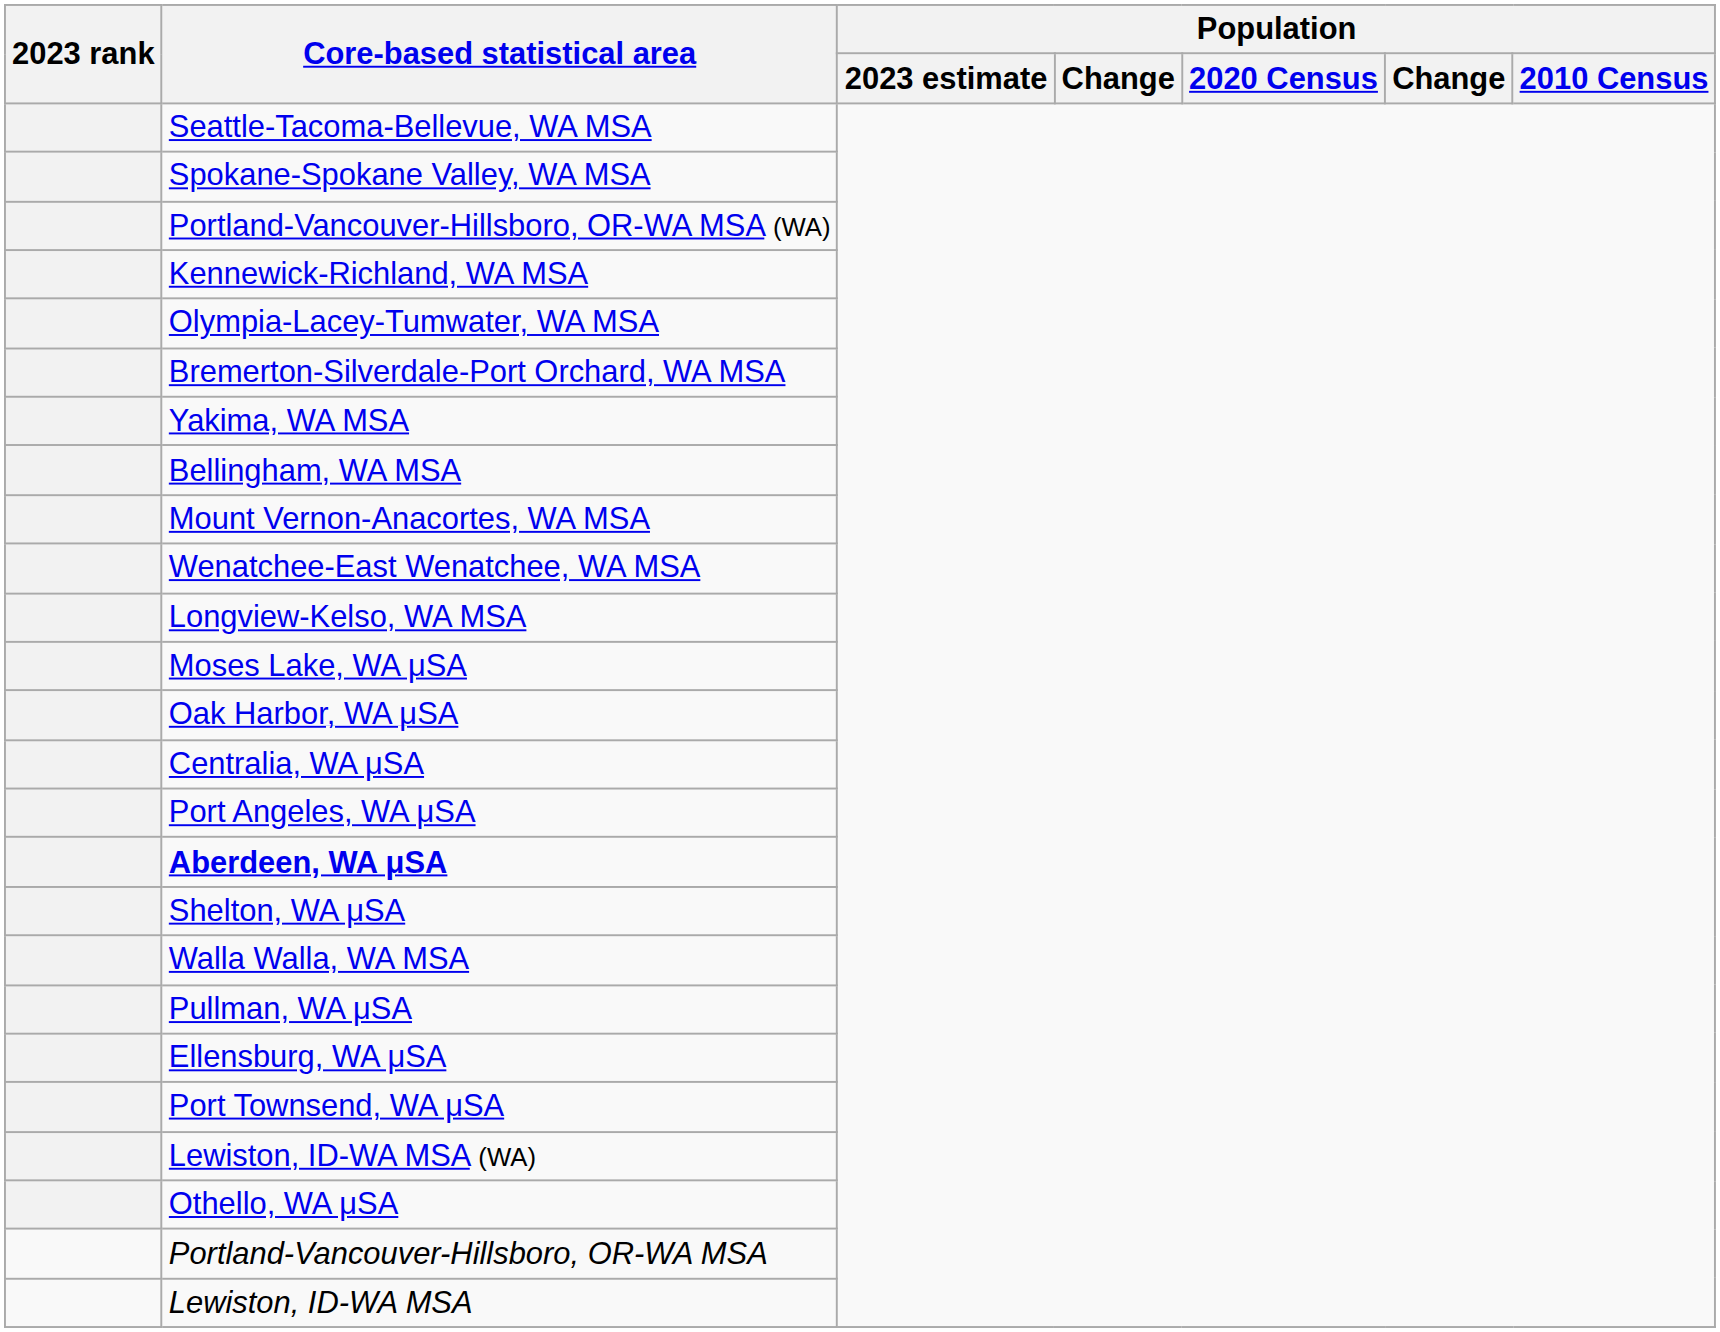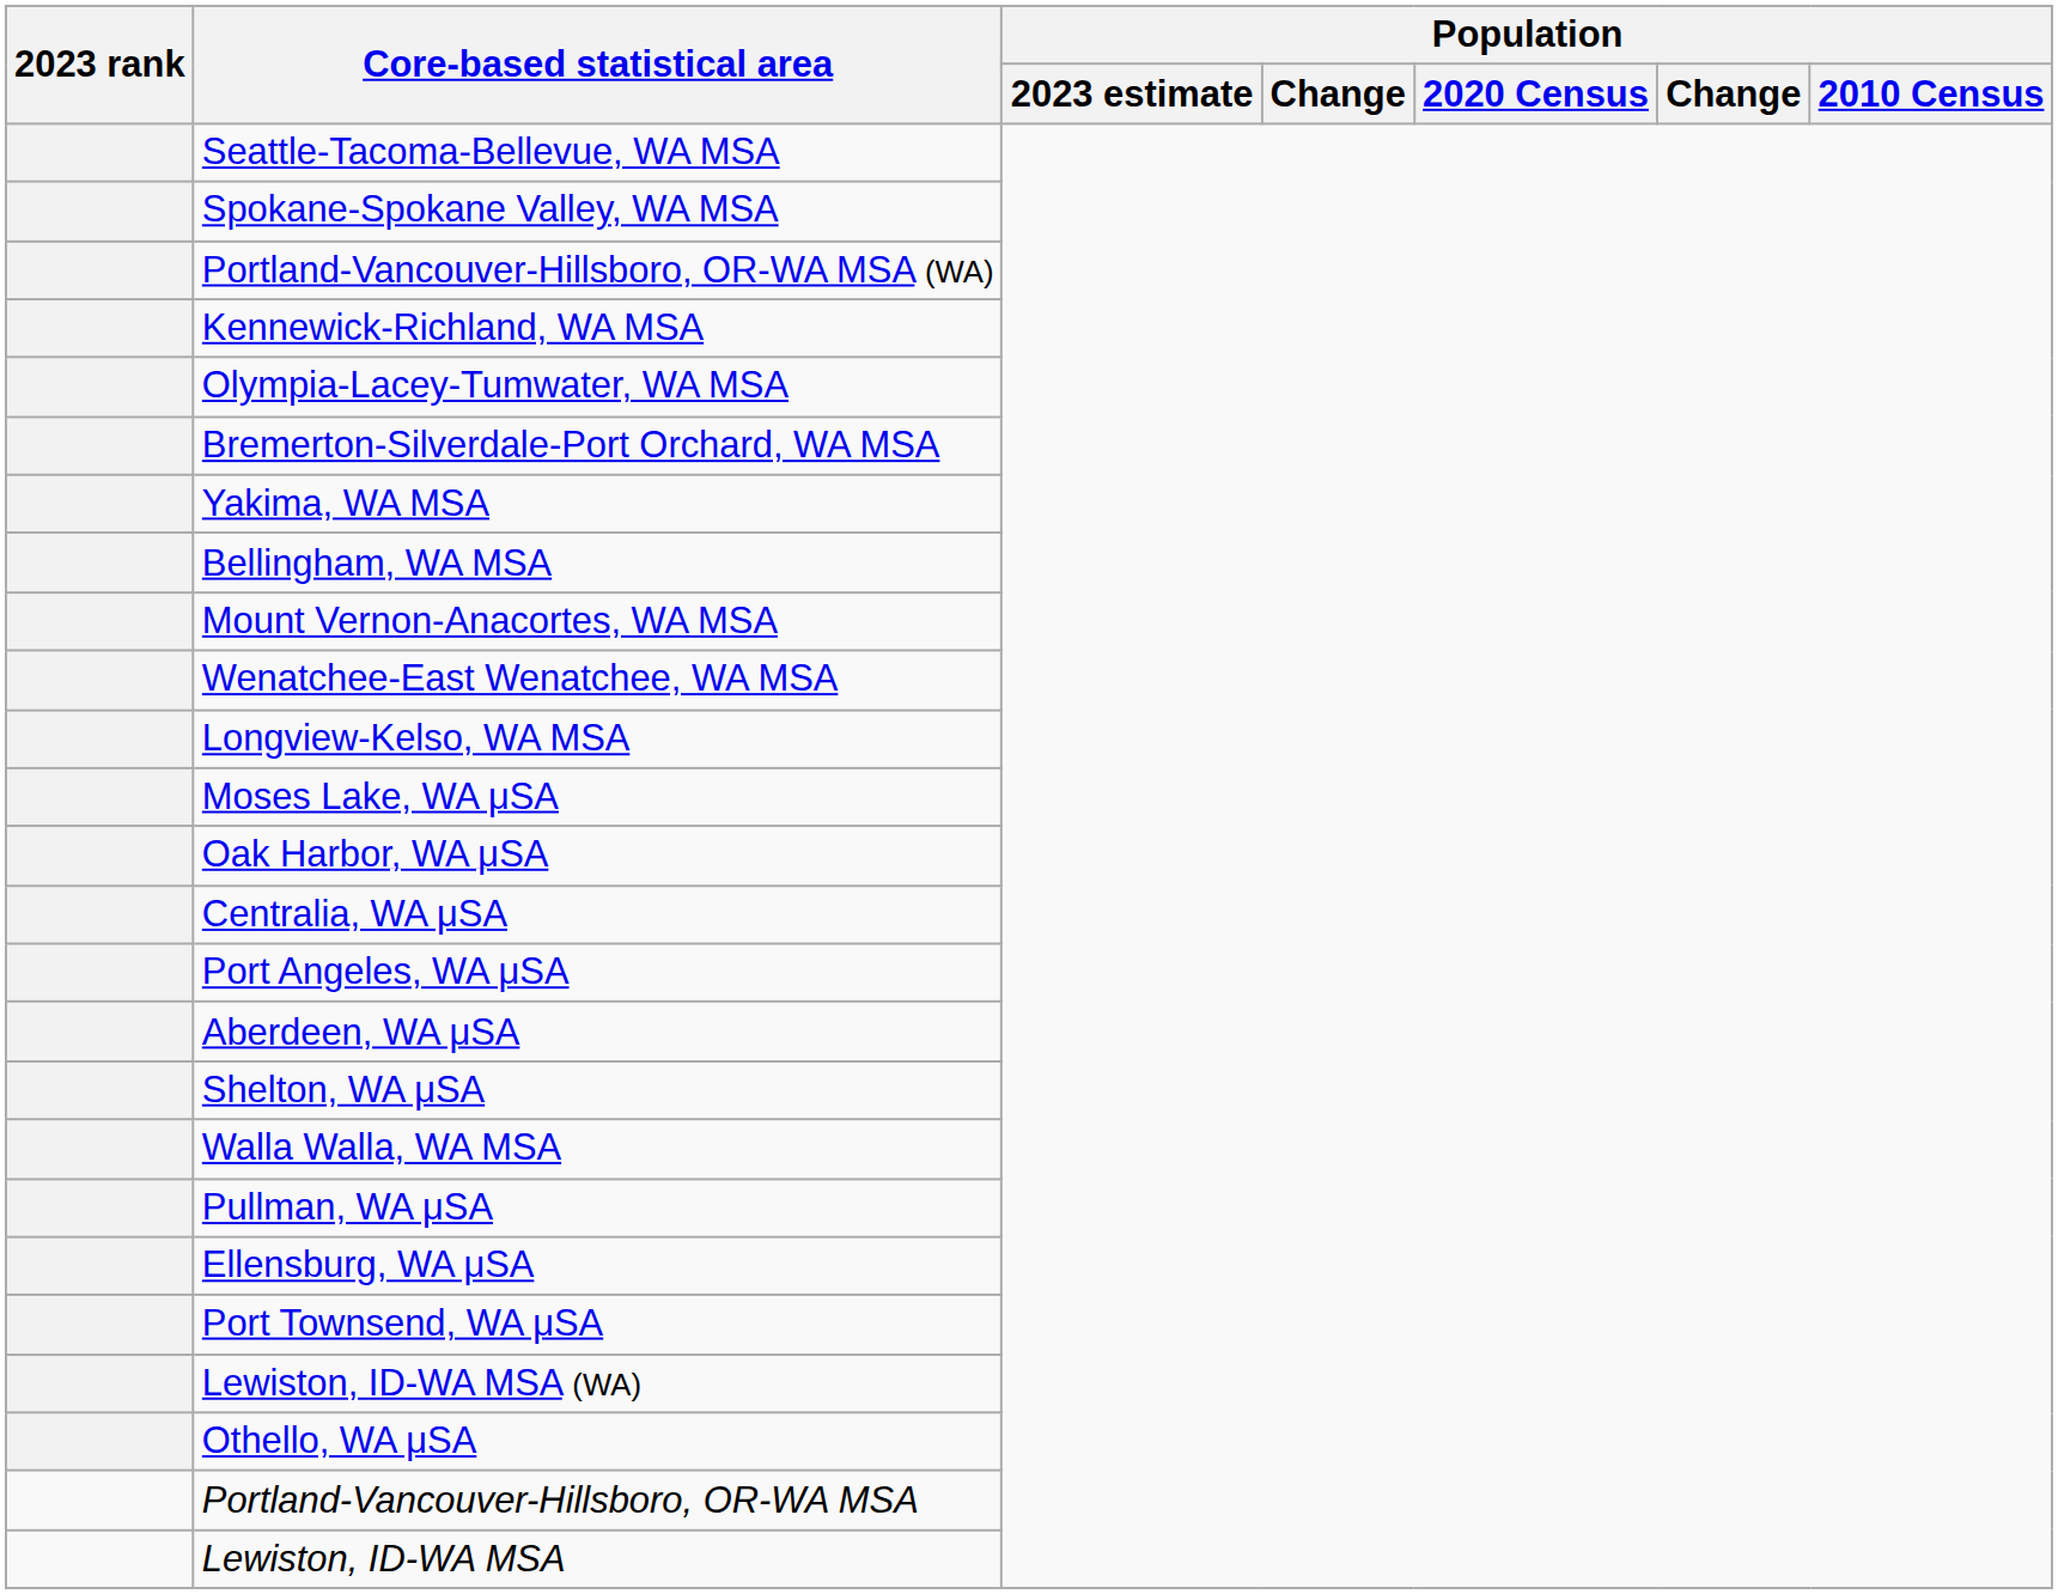 <table class="wikitable sortable">
 <tr>
 <th scope=col rowspan=2>2023 rank</th>
 <th scope=col rowspan=2><a href='#'>Core-based statistical area</a></th>
 <th colspan=5>Population</th>
 </tr>
 <tr>
 <th scope=col>2023 estimate</th>
 <th scope=col>Change</th>
 <th scope=col><a href='#'>2020 Census</a></th>
 <th scope=col>Change</th>
 <th scope=col><a href='#'>2010 Census</a></th>
 </tr>
 <tr>
 <th scope=row></th>
 <td><a href='#'>Seattle-Tacoma-Bellevue, WA MSA</a><br></td>
 </tr>
 <tr>
 <th scope=row></th>
 <td><a href='#'>Spokane-Spokane Valley, WA MSA</a><br></td>
 </tr>
 <tr>
 <th scope=row></th>
 <td><a href='#'>Portland-Vancouver-Hillsboro, OR-WA MSA</a> <small>(WA)</small><br></td>
 </tr>
 <tr>
 <th scope=row></th>
 <td><a href='#'>Kennewick-Richland, WA MSA</a><br></td>
 </tr>
 <tr>
 <th scope=row></th>
 <td><a href='#'>Olympia-Lacey-Tumwater, WA MSA</a><br></td>
 </tr>
 <tr>
 <th scope=row></th>
 <td><a href='#'>Bremerton-Silverdale-Port Orchard, WA MSA</a><br></td>
 </tr>
 <tr>
 <th scope=row></th>
 <td><a href='#'>Yakima, WA MSA</a><br></td>
 </tr>
 <tr>
 <th scope=row></th>
 <td><a href='#'>Bellingham, WA MSA</a><br></td>
 </tr>
 <tr>
 <th scope=row></th>
 <td><a href='#'>Mount Vernon-Anacortes, WA MSA</a><br></td>
 </tr>
 <tr>
 <th scope=row></th>
 <td><a href='#'>Wenatchee-East Wenatchee, WA MSA</a><br></td>
 </tr>
 <tr>
 <th scope=row></th>
 <td><a href='#'>Longview-Kelso, WA MSA</a><br></td>
 </tr>
 <tr>
 <th scope=row></th>
 <td><a href='#'>Moses Lake, WA μSA</a><br></td>
 </tr>
 <tr>
 <th scope=row></th>
 <td><a href='#'>Oak Harbor, WA μSA</a><br></td>
 </tr>
 <tr>
 <th scope=row></th>
 <td><a href='#'>Centralia, WA μSA</a><br></td>
 </tr>
 <tr>
 <th scope=row></th>
 <td><a href='#'>Port Angeles, WA μSA</a><br></td>
 </tr>
 <tr>
 <th scope=row></th>
-<td><strong><a href='#'>Aberdeen, WA μSA</a><br></strong></td>
+<td><a href='#'>Aberdeen, WA μSA</a><br></td>
 </tr>
 <tr>
 <th scope=row></th>
 <td><a href='#'>Shelton, WA μSA</a><br></td>
 </tr>
 <tr>
 <th scope=row></th>
 <td><a href='#'>Walla Walla, WA MSA</a><br></td>
 </tr>
 <tr>
 <th scope=row></th>
 <td><a href='#'>Pullman, WA μSA</a><br></td>
 </tr>
 <tr>
 <th scope=row></th>
 <td><a href='#'>Ellensburg, WA μSA</a><br></td>
 </tr>
 <tr>
 <th scope=row></th>
 <td><a href='#'>Port Townsend, WA μSA</a><br></td>
 </tr>
 <tr>
 <th scope=row></th>
 <td><a href='#'>Lewiston, ID-WA MSA</a> <small>(WA)</small><br></td>
 </tr>
 <tr>
 <th scope=row></th>
 <td><a href='#'>Othello, WA μSA</a><br></td>
 </tr>
 <tr>
 <td></td>
 <td><em><span>Portland-Vancouver-Hillsboro, OR-WA MSA</span></em><br></td>
 </tr>
 <tr>
 <td></td>
 <td><em><span>Lewiston, ID-WA MSA</span></em><br></td>
 </tr>
 </table>
